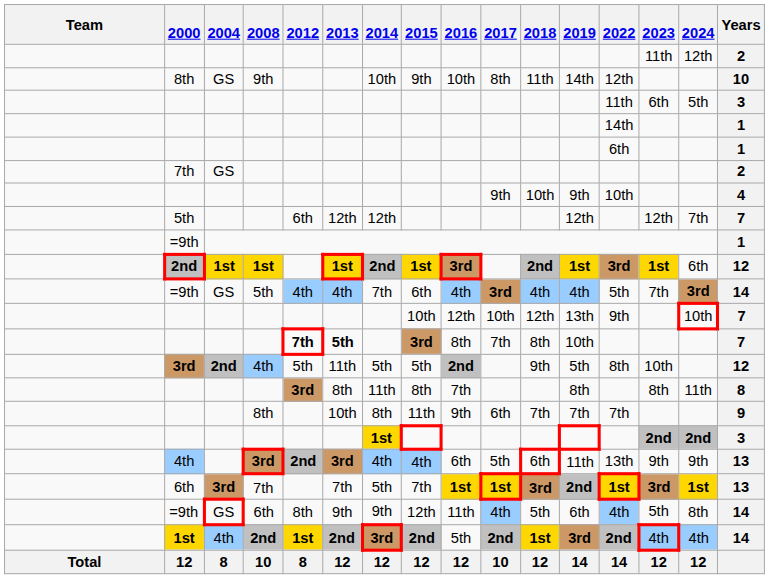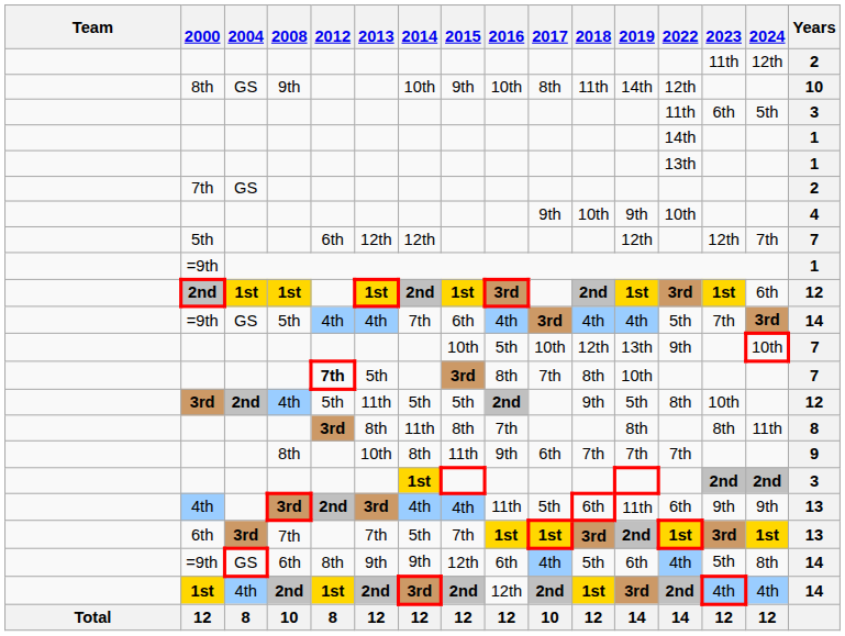 <table class="wikitable" style="text-align:center; font-size:90%">
 <tr>
 <th width=150>Team</th>
 <th><br><a href='#'>2000</a></th>
 <th><br><a href='#'>2004</a></th>
 <th><br><a href='#'>2008</a></th>
 <th><br><a href='#'>2012</a></th>
 <th><br><a href='#'>2013</a></th>
 <th><br><a href='#'>2014</a></th>
 <th><br><a href='#'>2015</a></th>
 <th><br><a href='#'>2016</a></th>
 <th><br><a href='#'>2017</a></th>
 <th><br><a href='#'>2018</a></th>
 <th><br><a href='#'>2019</a></th>
 <th><br><a href='#'>2022</a></th>
 <th><br><a href='#'>2023</a></th>
 <th><br><a href='#'>2024</a></th>
 <th>Years</th>
 </tr>
 <tr>
 <td align=left></td>
 <td></td>
 <td></td>
 <td></td>
 <td></td>
 <td></td>
 <td></td>
 <td></td>
 <td></td>
 <td></td>
 <td></td>
 <td></td>
 <td></td>
 <td>11th</td>
 <td>12th</td>
 <th>2</th>
 </tr>
 <tr>
 <td align=left></td>
 <td>8th</td>
 <td>GS</td>
 <td>9th</td>
 <td></td>
 <td></td>
 <td>10th</td>
 <td>9th</td>
 <td>10th</td>
 <td>8th</td>
 <td>11th</td>
 <td>14th</td>
 <td>12th</td>
 <td></td>
 <td></td>
 <th>10</th>
 </tr>
 <tr>
 <td align=left></td>
 <td></td>
 <td></td>
 <td></td>
 <td></td>
 <td></td>
 <td></td>
 <td></td>
 <td></td>
 <td></td>
 <td></td>
 <td></td>
 <td>11th</td>
 <td>6th</td>
 <td>5th</td>
 <th>3</th>
 </tr>
 <tr>
 <td align=left></td>
 <td></td>
 <td></td>
 <td></td>
 <td></td>
 <td></td>
 <td></td>
 <td></td>
 <td></td>
 <td></td>
 <td></td>
 <td></td>
 <td>14th</td>
 <td></td>
 <td></td>
 <th>1</th>
 </tr>
 <tr>
 <td align=left></td>
 <td></td>
 <td></td>
 <td></td>
 <td></td>
 <td></td>
 <td></td>
 <td></td>
 <td></td>
 <td></td>
 <td></td>
 <td></td>
-<td>6th</td>
+<td>13th</td>
 <td></td>
 <td></td>
 <th>1</th>
 </tr>
 <tr>
 <td align=left></td>
 <td>7th</td>
 <td>GS</td>
 <td></td>
 <td></td>
 <td></td>
 <td></td>
 <td></td>
 <td></td>
 <td></td>
 <td></td>
 <td></td>
 <td></td>
 <td></td>
 <td></td>
 <th>2</th>
 </tr>
 <tr>
 <td align=left></td>
 <td></td>
 <td></td>
 <td></td>
 <td></td>
 <td></td>
 <td></td>
 <td></td>
 <td></td>
 <td>9th</td>
 <td>10th</td>
 <td>9th</td>
 <td>10th</td>
 <td></td>
 <td></td>
 <th>4</th>
 </tr>
 <tr>
 <td align=left></td>
 <td>5th</td>
 <td></td>
 <td></td>
 <td>6th</td>
 <td>12th</td>
 <td>12th</td>
 <td></td>
 <td></td>
 <td></td>
 <td></td>
 <td>12th</td>
 <td></td>
 <td>12th</td>
 <td>7th</td>
 <th>7</th>
 </tr>
 <tr>
 <td align=left></td>
 <td>=9th</td>
 <td colspan=13></td>
 <th>1</th>
 </tr>
 <tr>
 <td align=left></td>
 <td style="border: 3px solid red" bgcolor=silver><strong>2nd</strong></td>
 <td bgcolor=gold><strong>1st</strong></td>
 <td bgcolor=gold><strong>1st</strong></td>
 <td></td>
 <td style="border: 3px solid red" bgcolor=gold><strong>1st</strong></td>
 <td bgcolor=silver><strong>2nd</strong></td>
 <td bgcolor=gold><strong>1st</strong></td>
 <td style="border: 3px solid red" bgcolor=cc9966><strong>3rd</strong></td>
 <td></td>
 <td bgcolor=silver><strong>2nd</strong></td>
 <td bgcolor=gold><strong>1st</strong></td>
 <td bgcolor=cc9966><strong>3rd</strong></td>
 <td bgcolor=gold><strong>1st</strong></td>
 <td>6th</td>
 <th>12</th>
 </tr>
 <tr>
 <td align=left></td>
 <td>=9th</td>
 <td>GS</td>
 <td>5th</td>
 <td bgcolor=#9acdff>4th</td>
 <td bgcolor=#9acdff>4th</td>
 <td>7th</td>
 <td>6th</td>
 <td bgcolor=#9acdff>4th</td>
 <td bgcolor=cc9966><strong>3rd</strong></td>
 <td bgcolor=#9acdff>4th</td>
 <td bgcolor=#9acdff>4th</td>
 <td>5th</td>
 <td>7th</td>
 <td bgcolor=cc9966><strong>3rd</strong></td>
 <th>14</th>
 </tr>
 <tr>
 <td align=left></td>
 <td></td>
 <td></td>
 <td></td>
 <td></td>
 <td></td>
 <td></td>
 <td>10th</td>
-<td>12th</td>
+<td>5th</td>
 <td>10th</td>
 <td>12th</td>
 <td>13th</td>
 <td>9th</td>
 <td></td>
 <td style="border: 3px solid red">10th</td>
 <th>7</th>
 </tr>
 <tr>
 <td align=left></td>
 <td></td>
 <td></td>
 <td></td>
 <td style="border: 3px solid red"><strong>7th</strong></td>
-<td><strong>5th</strong></td>
+<td>5th</td>
 <td></td>
 <td bgcolor=cc9966><strong>3rd</strong></td>
 <td>8th</td>
 <td>7th</td>
 <td>8th</td>
 <td>10th</td>
 <td></td>
 <td></td>
 <td></td>
 <th>7</th>
 </tr>
 <tr>
 <td align=left></td>
 <td bgcolor=cc9966><strong>3rd</strong></td>
 <td bgcolor=silver><strong>2nd</strong></td>
 <td bgcolor=#9acdff>4th</td>
 <td>5th</td>
 <td>11th</td>
 <td>5th</td>
 <td>5th</td>
 <td bgcolor=silver><strong>2nd</strong></td>
 <td></td>
 <td>9th</td>
 <td>5th</td>
 <td>8th</td>
 <td>10th</td>
 <td></td>
 <th>12</th>
 </tr>
 <tr>
 <td align=left></td>
 <td></td>
 <td></td>
 <td></td>
 <td bgcolor=cc9966><strong>3rd</strong></td>
 <td>8th</td>
 <td>11th</td>
 <td>8th</td>
 <td>7th</td>
 <td></td>
 <td></td>
 <td>8th</td>
 <td></td>
 <td>8th</td>
 <td>11th</td>
 <th>8</th>
 </tr>
 <tr>
 <td align=left></td>
 <td></td>
 <td></td>
 <td>8th</td>
 <td></td>
 <td>10th</td>
 <td>8th</td>
 <td>11th</td>
 <td>9th</td>
 <td>6th</td>
 <td>7th</td>
 <td>7th</td>
 <td>7th</td>
 <td></td>
 <td></td>
 <th>9</th>
 </tr>
 <tr>
 <td align=left></td>
 <td></td>
 <td></td>
 <td></td>
 <td></td>
 <td></td>
 <td bgcolor=gold><strong>1st</strong></td>
 <td style="border: 3px solid red"><em></em></td>
 <td></td>
 <td></td>
 <td></td>
 <td style="border: 3px solid red"><em></em></td>
 <td></td>
 <td bgcolor=silver><strong>2nd</strong></td>
 <td bgcolor=silver><strong>2nd</strong></td>
 <th>3</th>
 </tr>
 <tr>
 <td align=left></td>
 <td bgcolor=#9acdff>4th</td>
 <td></td>
 <td style="border: 3px solid red" bgcolor=cc9966><strong>3rd</strong></td>
 <td bgcolor=silver><strong>2nd</strong></td>
 <td bgcolor=cc9966><strong>3rd</strong></td>
 <td bgcolor=#9acdff>4th</td>
 <td bgcolor=#9acdff>4th</td>
-<td>6th</td>
+<td>11th</td>
 <td>5th</td>
 <td style="border: 3px solid red">6th</td>
 <td>11th</td>
-<td>13th</td>
+<td>6th</td>
 <td>9th</td>
 <td>9th</td>
 <th>13</th>
 </tr>
 <tr>
 <td align=left></td>
 <td>6th</td>
 <td bgcolor=cc9966><strong>3rd</strong></td>
 <td>7th</td>
 <td></td>
 <td>7th</td>
 <td>5th</td>
 <td>7th</td>
 <td bgcolor=gold><strong>1st</strong></td>
 <td style="border: 3px solid red" bgcolor=gold><strong>1st</strong></td>
 <td bgcolor=cc9966><strong>3rd</strong></td>
 <td bgcolor=silver><strong>2nd</strong></td>
 <td style="border: 3px solid red" bgcolor=gold><strong>1st</strong></td>
 <td bgcolor=cc9966><strong>3rd</strong></td>
 <td bgcolor=gold><strong>1st</strong></td>
 <th>13</th>
 </tr>
 <tr>
 <td align=left></td>
 <td>=9th</td>
 <td style="border: 3px solid red">GS</td>
 <td>6th</td>
 <td>8th</td>
 <td>9th</td>
 <td>9th</td>
 <td>12th</td>
-<td>11th</td>
+<td>6th</td>
 <td bgcolor=#9acdff>4th</td>
 <td>5th</td>
 <td>6th</td>
 <td bgcolor=#9acdff>4th</td>
 <td>5th</td>
 <td>8th</td>
 <th>14</th>
 </tr>
 <tr>
 <td align=left></td>
 <td bgcolor=gold><strong>1st</strong></td>
 <td bgcolor=#9acdff>4th</td>
 <td bgcolor=silver><strong>2nd</strong></td>
 <td bgcolor=gold><strong>1st</strong></td>
 <td bgcolor=silver><strong>2nd</strong></td>
 <td style="border: 3px solid red" bgcolor=cc9966><strong>3rd</strong></td>
 <td bgcolor=silver><strong>2nd</strong></td>
-<td>5th</td>
+<td>12th</td>
 <td bgcolor=silver><strong>2nd</strong></td>
 <td bgcolor=gold><strong>1st</strong></td>
 <td bgcolor=cc9966><strong>3rd</strong></td>
 <td bgcolor=silver><strong>2nd</strong></td>
 <td style="border: 3px solid red" bgcolor=#9acdff>4th</td>
 <td bgcolor=#9acdff>4th</td>
 <th>14</th>
 </tr>
 <tr>
 <th>Total</th>
 <th>12</th>
 <th>8</th>
 <th>10</th>
 <th>8</th>
 <th>12</th>
 <th>12</th>
 <th>12</th>
 <th>12</th>
 <th>10</th>
 <th>12</th>
 <th>14</th>
 <th>14</th>
 <th>12</th>
 <th>12</th>
 <th></th>
 </tr>
 </table>
